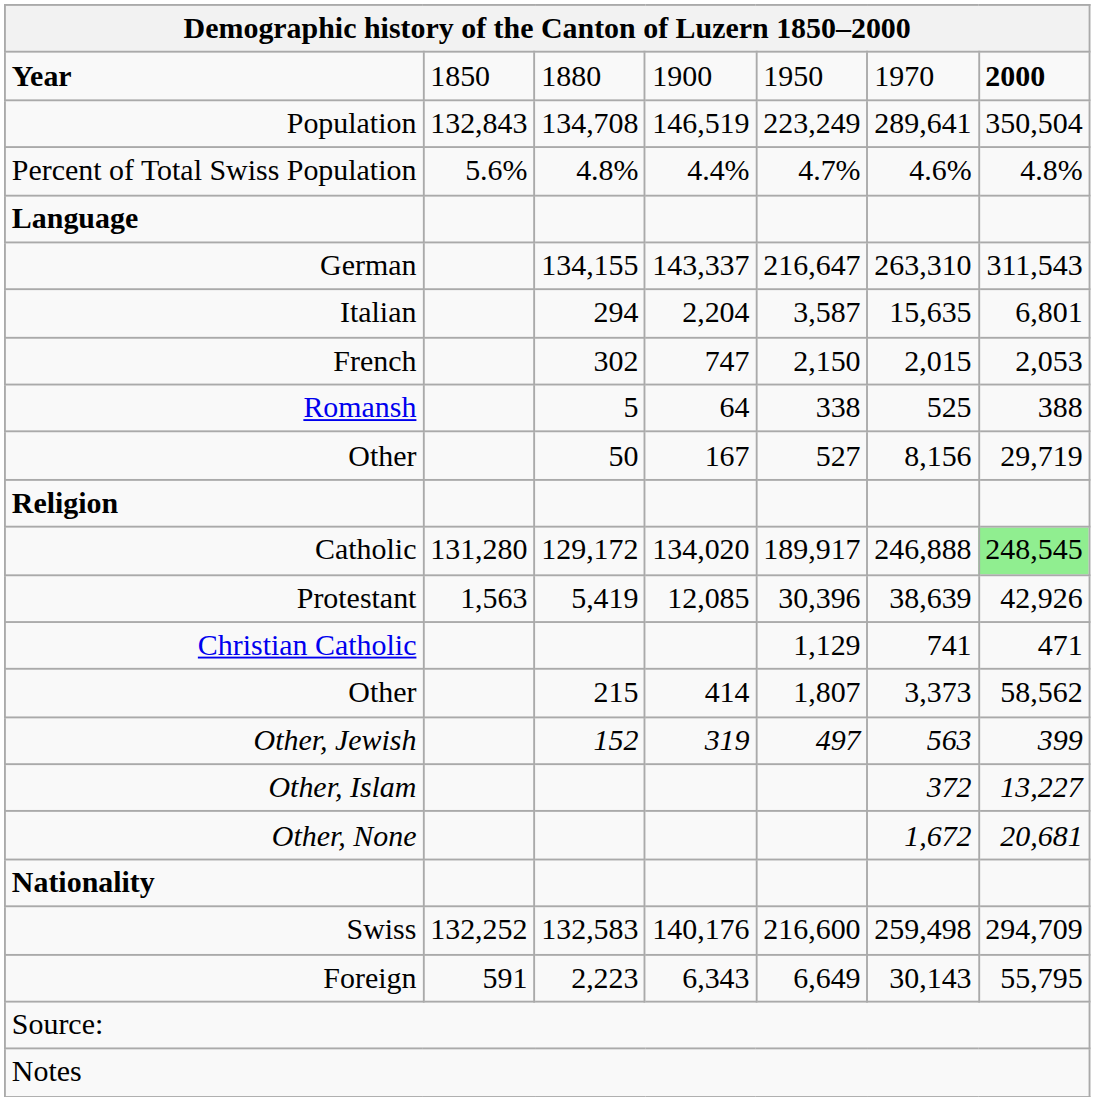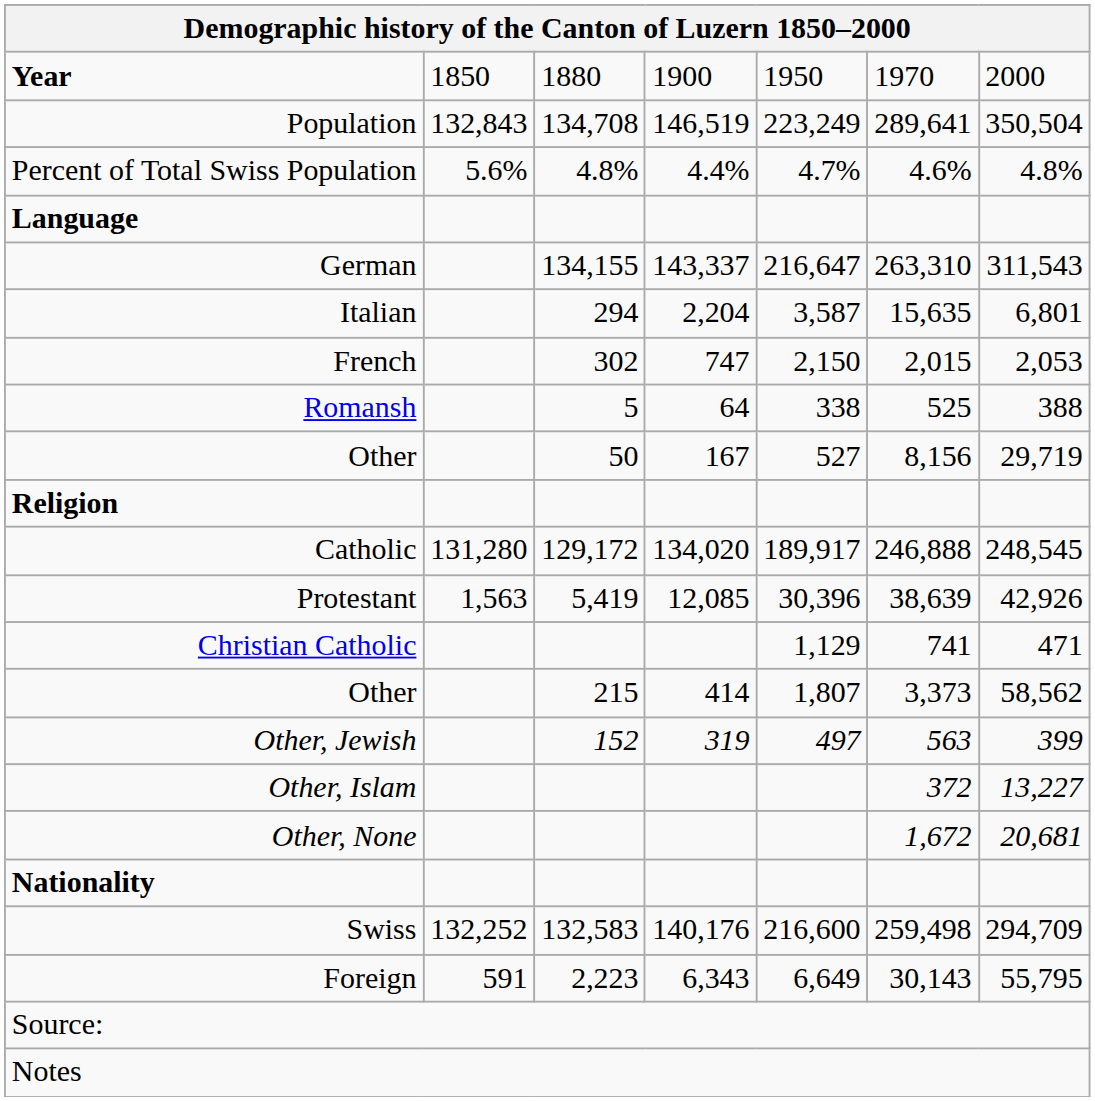 <table class="wikitable collapsible collapsed">
 <tr>
 <th colspan=10>Demographic history of the Canton of Luzern 1850–2000</th>
 </tr>
 <tr>
 <td><strong>Year</strong></td>
 <td>1850</td>
 <td>1880</td>
 <td>1900</td>
 <td>1950</td>
 <td>1970</td>
-<td><strong>2000</strong></td>
+<td>2000</td>
 </tr>
 <tr align="right">
 <td>Population</td>
 <td>132,843</td>
 <td>134,708</td>
 <td>146,519</td>
 <td>223,249</td>
 <td>289,641</td>
 <td>350,504</td>
 </tr>
 <tr align="right">
 <td>Percent of Total Swiss Population</td>
 <td>5.6%</td>
 <td>4.8%</td>
 <td>4.4%</td>
 <td>4.7%</td>
 <td>4.6%</td>
 <td>4.8%</td>
 </tr>
 <tr>
 <td><strong>Language</strong></td>
 <td></td>
 <td></td>
 <td></td>
 <td></td>
 <td></td>
 <td></td>
 </tr>
 <tr align="right">
 <td>German</td>
 <td></td>
 <td>134,155</td>
 <td>143,337</td>
 <td>216,647</td>
 <td>263,310</td>
 <td>311,543</td>
 </tr>
 <tr align="right">
 <td>Italian</td>
 <td></td>
 <td>294</td>
 <td>2,204</td>
 <td>3,587</td>
 <td>15,635</td>
 <td>6,801</td>
 </tr>
 <tr align="right">
 <td>French</td>
 <td></td>
 <td>302</td>
 <td>747</td>
 <td>2,150</td>
 <td>2,015</td>
 <td>2,053</td>
 </tr>
 <tr align="right">
 <td><a href='#'>Romansh</a></td>
 <td></td>
 <td>5</td>
 <td>64</td>
 <td>338</td>
 <td>525</td>
 <td>388</td>
 </tr>
 <tr align="right">
 <td>Other</td>
 <td></td>
 <td>50</td>
 <td>167</td>
 <td>527</td>
 <td>8,156</td>
 <td>29,719</td>
 </tr>
 <tr>
 <td><strong>Religion</strong></td>
 <td></td>
 <td></td>
 <td></td>
 <td></td>
 <td></td>
 <td></td>
 </tr>
 <tr align="right">
 <td>Catholic</td>
 <td>131,280</td>
 <td>129,172</td>
 <td>134,020</td>
 <td>189,917</td>
 <td>246,888</td>
-<td style="background: lightgreen;">248,545</td>
+<td>248,545</td>
 </tr>
 <tr align="right">
 <td>Protestant</td>
 <td>1,563</td>
 <td>5,419</td>
 <td>12,085</td>
 <td>30,396</td>
 <td>38,639</td>
 <td>42,926</td>
 </tr>
 <tr align="right">
 <td><a href='#'>Christian Catholic</a></td>
 <td></td>
 <td></td>
 <td></td>
 <td>1,129</td>
 <td>741</td>
 <td>471</td>
 </tr>
 <tr align="right">
 <td>Other</td>
 <td></td>
 <td>215</td>
 <td>414</td>
 <td>1,807</td>
 <td>3,373</td>
 <td>58,562</td>
 </tr>
 <tr align="right">
 <td><em>Other, Jewish</em></td>
 <td></td>
 <td><em>152</em></td>
 <td><em>319</em></td>
 <td><em>497</em></td>
 <td><em>563</em></td>
 <td><em>399</em></td>
 </tr>
 <tr align="right">
 <td><em>Other, Islam</em></td>
 <td></td>
 <td></td>
 <td></td>
 <td></td>
 <td><em>372</em></td>
 <td><em>13,227</em></td>
 </tr>
 <tr align="right">
 <td><em>Other, None</em></td>
 <td></td>
 <td></td>
 <td></td>
 <td></td>
 <td><em>1,672</em></td>
 <td><em>20,681</em></td>
 </tr>
 <tr>
 <td><strong>Nationality</strong></td>
 <td></td>
 <td></td>
 <td></td>
 <td></td>
 <td></td>
 <td></td>
 </tr>
 <tr align="right">
 <td>Swiss</td>
 <td>132,252</td>
 <td>132,583</td>
 <td>140,176</td>
 <td>216,600</td>
 <td>259,498</td>
 <td>294,709</td>
 </tr>
 <tr align="right">
 <td>Foreign</td>
 <td>591</td>
 <td>2,223</td>
 <td>6,343</td>
 <td>6,649</td>
 <td>30,143</td>
 <td>55,795</td>
 </tr>
 <tr>
 <td colspan=10>Source:</td>
 </tr>
 <tr>
 <td colspan=10>Notes<br></td>
 </tr>
 </table>
